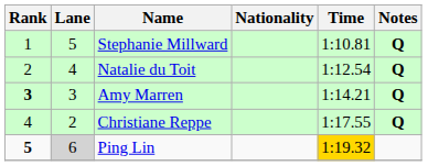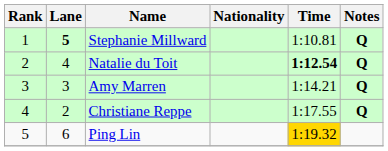 <table class="wikitable">
 <tr>
 <th>Rank</th>
 <th>Lane</th>
 <th>Name</th>
 <th>Nationality</th>
 <th>Time</th>
 <th>Notes</th>
 </tr>
 <tr bgcolor=ccffcc>
 <td align=center>1</td>
-<td align=center>5</td>
+<td align=center><strong>5</strong></td>
 <td><a href='#'>Stephanie Millward</a></td>
 <td></td>
 <td align=center>1:10.81</td>
 <td align=center><strong>Q</strong></td>
 </tr>
 <tr bgcolor=ccffcc>
 <td align=center>2</td>
 <td align=center>4</td>
 <td><a href='#'>Natalie du Toit</a></td>
 <td></td>
-<td align=center>1:12.54</td>
+<td align=center><strong>1:12.54</strong></td>
 <td align=center><strong>Q</strong></td>
 </tr>
 <tr bgcolor=ccffcc>
-<td align=center><strong>3</strong></td>
+<td align=center>3</td>
 <td align=center>3</td>
 <td><a href='#'>Amy Marren</a></td>
 <td></td>
 <td align=center>1:14.21</td>
 <td align=center><strong>Q</strong></td>
 </tr>
 <tr bgcolor=ccffcc>
 <td align=center>4</td>
 <td align=center>2</td>
 <td><a href='#'>Christiane Reppe</a></td>
 <td></td>
 <td align=center>1:17.55</td>
 <td align=center><strong>Q</strong></td>
 </tr>
 <tr>
-<td align=center><strong>5</strong></td>
-<td align=center style="background: lightgrey;">6</td>
+<td align=center>5</td>
+<td align=center>6</td>
 <td><a href='#'>Ping Lin</a></td>
 <td></td>
 <td align=center style="background: gold;">1:19.32</td>
 <td align=center></td>
 </tr>
 <tr>
 </tr>
 </table>
